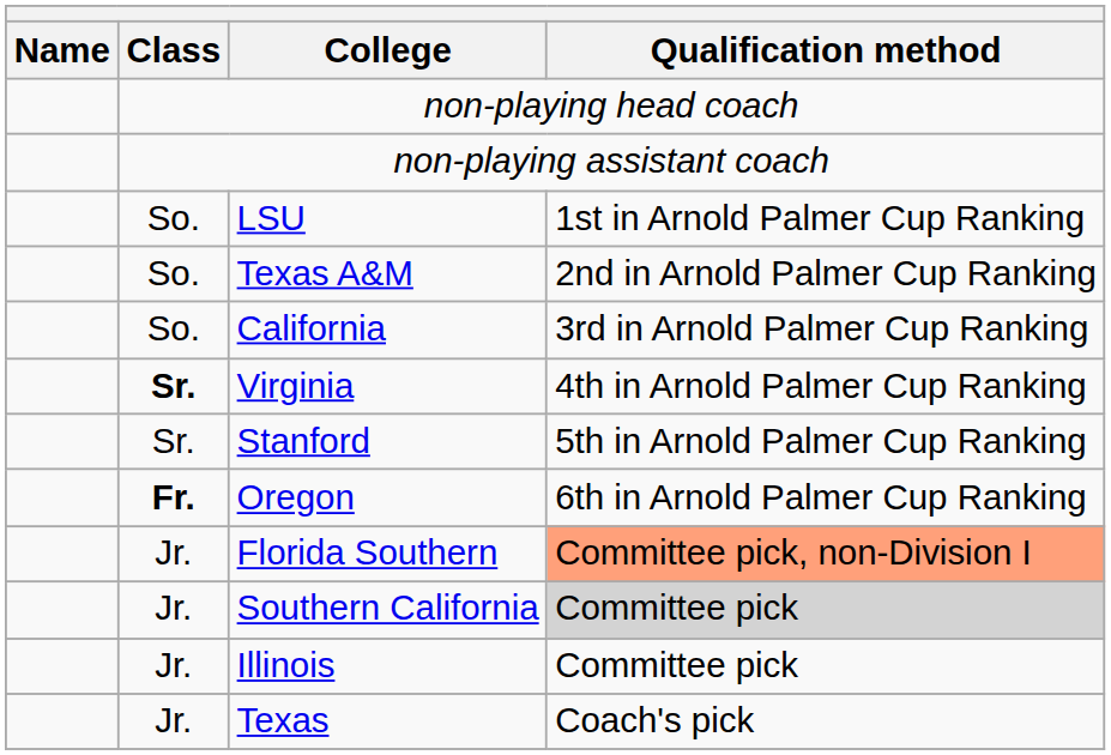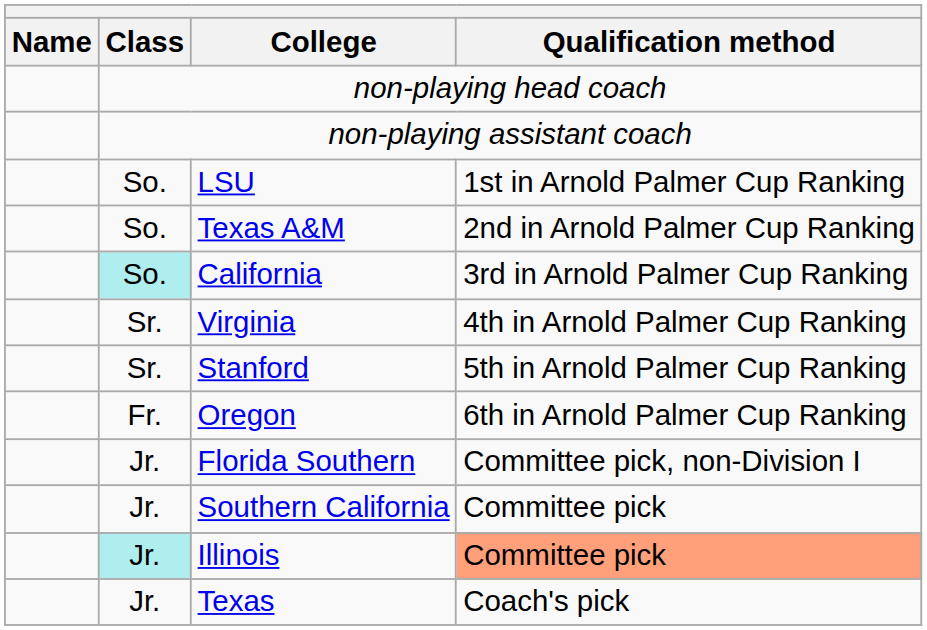 <table class="wikitable sortable">
 <tr>
 <th colspan=4></th>
 </tr>
 <tr>
 <th>Name</th>
 <th>Class</th>
 <th>College</th>
 <th>Qualification method</th>
 </tr>
 <tr>
 <td></td>
 <td colspan=3 align=center><em>non-playing head coach</em></td>
 </tr>
 <tr>
 <td></td>
 <td colspan=3 align=center><em>non-playing assistant coach</em></td>
 </tr>
 <tr>
 <td></td>
 <td align=center>So.</td>
 <td><a href='#'>LSU</a></td>
 <td>1st in Arnold Palmer Cup Ranking</td>
 </tr>
 <tr>
 <td></td>
 <td align=center>So.</td>
 <td><a href='#'>Texas A&M</a></td>
 <td>2nd in Arnold Palmer Cup Ranking</td>
 </tr>
 <tr>
 <td></td>
-<td align=center>So.</td>
+<td align=center style="background: paleturquoise;">So.</td>
 <td><a href='#'>California</a></td>
 <td>3rd in Arnold Palmer Cup Ranking</td>
 </tr>
 <tr>
 <td></td>
-<td align=center><strong>Sr.</strong></td>
+<td align=center>Sr.</td>
 <td><a href='#'>Virginia</a></td>
 <td>4th in Arnold Palmer Cup Ranking</td>
 </tr>
 <tr>
 <td></td>
 <td align=center>Sr.</td>
 <td><a href='#'>Stanford</a></td>
 <td>5th in Arnold Palmer Cup Ranking</td>
 </tr>
 <tr>
 <td></td>
-<td align=center><strong>Fr.</strong></td>
+<td align=center>Fr.</td>
 <td><a href='#'>Oregon</a></td>
 <td>6th in Arnold Palmer Cup Ranking</td>
 </tr>
 <tr>
 <td></td>
 <td align=center>Jr.</td>
 <td><a href='#'>Florida Southern</a></td>
-<td style="background: lightsalmon;">Committee pick, non-Division I</td>
+<td>Committee pick, non-Division I</td>
 </tr>
 <tr>
 <td></td>
 <td align=center>Jr.</td>
 <td><a href='#'>Southern California</a></td>
-<td style="background: lightgrey;">Committee pick</td>
+<td>Committee pick</td>
 </tr>
 <tr>
 <td></td>
-<td align=center>Jr.</td>
+<td align=center style="background: paleturquoise;">Jr.</td>
 <td><a href='#'>Illinois</a></td>
-<td>Committee pick</td>
+<td style="background: lightsalmon;">Committee pick</td>
 </tr>
 <tr>
 <td></td>
 <td align=center>Jr.</td>
 <td><a href='#'>Texas</a></td>
 <td>Coach's pick</td>
 </tr>
 </table>
